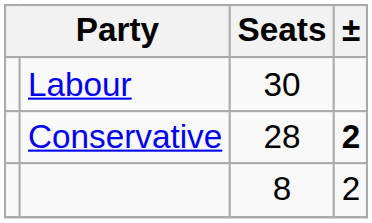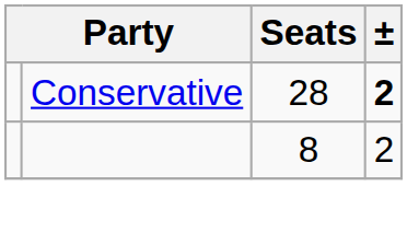 <table class="sortable wikitable">
 <tr>
 <th colspan="2">Party</th>
 <th>Seats</th>
 <th>±</th>
-</tr>
-<tr>
-<td style="background-color: "></td>
-<td><a href='#'>Labour</a></td>
-<td align="center">30</td>
-<td align="center"></td>
 </tr>
 <tr>
 <td style="background-color: "></td>
 <td><a href='#'>Conservative</a></td>
 <td align="center">28</td>
 <td align="center"><strong>2</strong></td>
 </tr>
 <tr>
 <td style="background-color: "></td>
 <td><a href='#'></a></td>
 <td align="center">8</td>
 <td align="center">2</td>
 </tr>
 <tr>
 </tr>
 </table>
